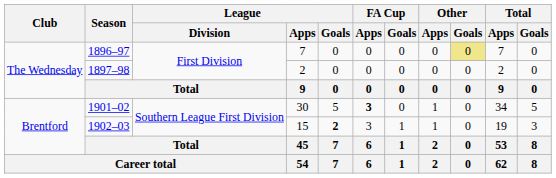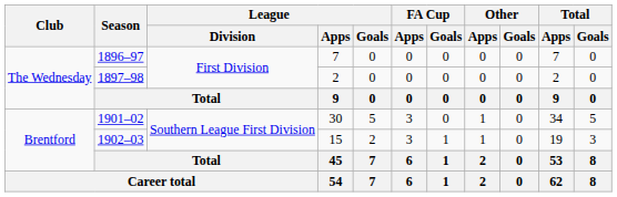 <table class="wikitable" style="text-align: center;">
 <tr>
 <th rowspan="2">Club</th>
 <th rowspan="2">Season</th>
 <th colspan="3">League</th>
 <th colspan="2">FA Cup</th>
 <th colspan="2">Other</th>
 <th colspan="2">Total</th>
 </tr>
 <tr>
 <th>Division</th>
 <th>Apps</th>
 <th>Goals</th>
 <th>Apps</th>
 <th>Goals</th>
 <th>Apps</th>
 <th>Goals</th>
 <th>Apps</th>
 <th>Goals</th>
 </tr>
 <tr>
 <td rowspan="3"><a href='#'>The Wednesday</a></td>
 <td><a href='#'>1896–97</a></td>
 <td rowspan="2"><a href='#'>First Division</a></td>
 <td>7</td>
 <td>0</td>
 <td>0</td>
 <td>0</td>
 <td>0</td>
-<td style="background: khaki;">0</td>
+<td>0</td>
 <td>7</td>
 <td>0</td>
 </tr>
 <tr>
 <td><a href='#'>1897–98</a></td>
 <td>2</td>
 <td>0</td>
 <td>0</td>
 <td>0</td>
 <td>0</td>
 <td>0</td>
 <td>2</td>
 <td>0</td>
 </tr>
 <tr>
 <th colspan="2">Total</th>
 <th>9</th>
 <th>0</th>
 <th>0</th>
 <th>0</th>
 <th>0</th>
 <th>0</th>
 <th>9</th>
 <th>0</th>
 </tr>
 <tr>
 <td rowspan="3"><a href='#'>Brentford</a></td>
 <td><a href='#'>1901–02</a></td>
 <td rowspan="2"><a href='#'>Southern League First Division</a></td>
 <td>30</td>
 <td>5</td>
-<td><strong>3</strong></td>
+<td>3</td>
 <td>0</td>
 <td>1</td>
 <td>0</td>
 <td>34</td>
 <td>5</td>
 </tr>
 <tr>
 <td><a href='#'>1902–03</a></td>
 <td>15</td>
-<td><strong>2</strong></td>
+<td>2</td>
 <td>3</td>
 <td>1</td>
 <td>1</td>
 <td>0</td>
 <td>19</td>
 <td>3</td>
 </tr>
 <tr>
 <th colspan="2">Total</th>
 <th>45</th>
 <th>7</th>
 <th>6</th>
 <th>1</th>
 <th>2</th>
 <th>0</th>
 <th>53</th>
 <th>8</th>
 </tr>
 <tr>
 <th colspan="3">Career total</th>
 <th>54</th>
 <th>7</th>
 <th>6</th>
 <th>1</th>
 <th>2</th>
 <th>0</th>
 <th>62</th>
 <th>8</th>
 </tr>
 </table>
